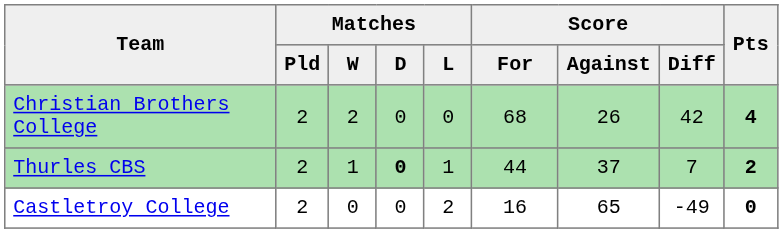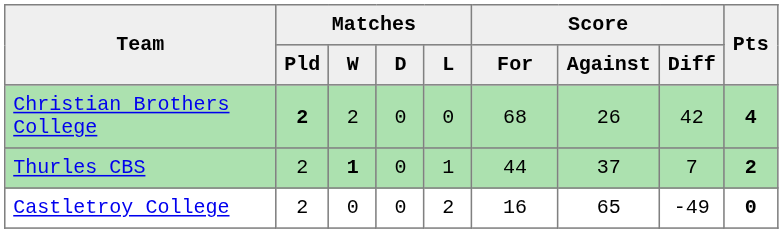 <table style=border-collapse:collapse border=1 cellspacing=0 cellpadding=5>
 <tr align=center bgcolor=#efefef>
 <th rowspan=2 width=165>Team</th>
 <th colspan=4>Matches</th>
 <th colspan=3>Score</th>
 <th rowspan=2width=20>Pts</th>
 </tr>
 <tr align=center bgcolor=#efefef>
 <th width=20>Pld</th>
 <th width=20>W</th>
 <th width=20>D</th>
 <th width=20>L</th>
 <th width=45>For</th>
 <th width=45>Against</th>
 <th width=30>Diff</th>
 </tr>
 <tr align=center style="background:#ACE1AF;">
 <td style="text-align:left;"><a href='#'>Christian Brothers College</a></td>
-<td>2</td>
+<td><strong>2</strong></td>
 <td>2</td>
 <td>0</td>
 <td>0</td>
 <td>68</td>
 <td>26</td>
 <td>42</td>
 <td><strong>4</strong></td>
 </tr>
 <tr align=center style="background:#ACE1AF;">
 <td style="text-align:left;"><a href='#'>Thurles CBS</a></td>
 <td>2</td>
-<td>1</td>
-<td><strong>0</strong></td>
+<td><strong>1</strong></td>
+<td>0</td>
 <td>1</td>
 <td>44</td>
 <td>37</td>
 <td>7</td>
 <td><strong>2</strong></td>
 </tr>
 <tr align=center>
 <td style="text-align:left;"><a href='#'>Castletroy College</a></td>
 <td>2</td>
 <td>0</td>
 <td>0</td>
 <td>2</td>
 <td>16</td>
 <td>65</td>
 <td>-49</td>
 <td><strong>0</strong></td>
 </tr>
 </table>
